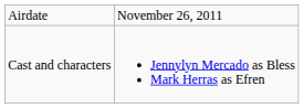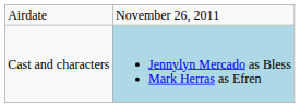 <table class="wikitable">
 <tr>
 <td>Airdate</td>
 <td>November 26, 2011</td>
 </tr>
 <tr>
 <td>Cast and characters</td>
-<td><br><ul><li><a href='#'>Jennylyn Mercado</a> as Bless</li><li><a href='#'>Mark Herras</a> as Efren</li></ul></td>
+<td style="background: lightblue;"><br><ul><li><a href='#'>Jennylyn Mercado</a> as Bless</li><li><a href='#'>Mark Herras</a> as Efren</li></ul></td>
 </tr>
 </table>
